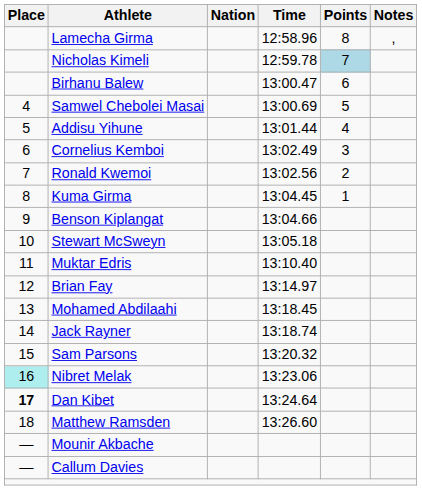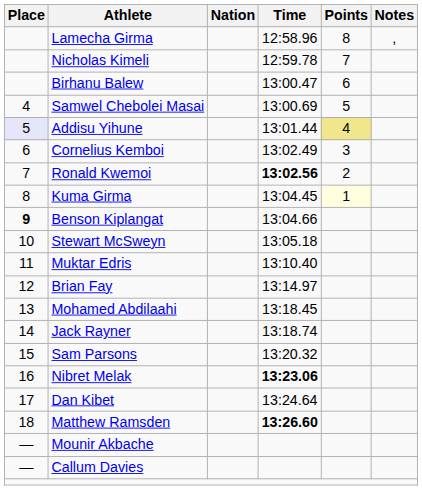 <table class="wikitable mw-datatable sortable" style="text-align:center;">
 <tr>
 <th scope="col">Place</th>
 <th scope="col">Athlete</th>
 <th scope="col">Nation</th>
 <th scope="col">Time</th>
 <th scope="col">Points</th>
 <th scope="col">Notes</th>
 </tr>
 <tr>
 <td></td>
 <td align="left"><a href='#'>Lamecha Girma</a></td>
 <td align="left"></td>
 <td>12:58.96</td>
 <td>8</td>
 <td>, </td>
 </tr>
 <tr>
 <td></td>
 <td align="left"><a href='#'>Nicholas Kimeli</a></td>
 <td align="left"></td>
 <td>12:59.78</td>
-<td style="background: lightblue;">7</td>
+<td>7</td>
 <td></td>
 </tr>
 <tr>
 <td></td>
 <td align="left"><a href='#'>Birhanu Balew</a></td>
 <td align="left"></td>
 <td>13:00.47</td>
 <td>6</td>
 <td></td>
 </tr>
 <tr>
 <td>4</td>
 <td align="left"><a href='#'>Samwel Chebolei Masai</a></td>
 <td align="left"></td>
 <td>13:00.69</td>
 <td>5</td>
 <td></td>
 </tr>
 <tr>
-<td>5</td>
+<td style="background: lavender;">5</td>
 <td align="left"><a href='#'>Addisu Yihune</a></td>
 <td align="left"></td>
 <td>13:01.44</td>
-<td>4</td>
+<td style="background: khaki;">4</td>
 <td></td>
 </tr>
 <tr>
 <td>6</td>
 <td align="left"><a href='#'>Cornelius Kemboi</a></td>
 <td align="left"></td>
 <td>13:02.49</td>
 <td>3</td>
 <td></td>
 </tr>
 <tr>
 <td>7</td>
 <td align="left"><a href='#'>Ronald Kwemoi</a></td>
 <td align="left"></td>
-<td>13:02.56</td>
+<td><strong>13:02.56</strong></td>
 <td>2</td>
 <td></td>
 </tr>
 <tr>
 <td>8</td>
 <td align="left"><a href='#'>Kuma Girma</a></td>
 <td align="left"></td>
 <td>13:04.45</td>
-<td>1</td>
+<td style="background: lightyellow;">1</td>
 <td></td>
 </tr>
 <tr>
-<td>9</td>
+<td><strong>9</strong></td>
 <td align="left"><a href='#'>Benson Kiplangat</a></td>
 <td align="left"></td>
 <td>13:04.66</td>
 <td></td>
 <td></td>
 </tr>
 <tr>
 <td>10</td>
 <td align="left"><a href='#'>Stewart McSweyn</a></td>
 <td align="left"></td>
 <td>13:05.18</td>
 <td></td>
 <td></td>
 </tr>
 <tr>
 <td>11</td>
 <td align="left"><a href='#'>Muktar Edris</a></td>
 <td align="left"></td>
 <td>13:10.40</td>
 <td></td>
 <td></td>
 </tr>
 <tr>
 <td>12</td>
 <td align="left"><a href='#'>Brian Fay</a></td>
 <td align="left"></td>
 <td>13:14.97</td>
 <td></td>
 <td></td>
 </tr>
 <tr>
 <td>13</td>
 <td align="left"><a href='#'>Mohamed Abdilaahi</a></td>
 <td align="left"></td>
 <td>13:18.45</td>
 <td></td>
 <td></td>
 </tr>
 <tr>
 <td>14</td>
 <td align="left"><a href='#'>Jack Rayner</a></td>
 <td align="left"></td>
 <td>13:18.74</td>
 <td></td>
 <td></td>
 </tr>
 <tr>
 <td>15</td>
 <td align="left"><a href='#'>Sam Parsons</a></td>
 <td align="left"></td>
 <td>13:20.32</td>
 <td></td>
 <td></td>
 </tr>
 <tr>
-<td style="background: paleturquoise;">16</td>
+<td>16</td>
 <td align="left"><a href='#'>Nibret Melak</a></td>
 <td align="left"></td>
-<td>13:23.06</td>
+<td><strong>13:23.06</strong></td>
 <td></td>
 <td></td>
 </tr>
 <tr>
-<td><strong>17</strong></td>
+<td>17</td>
 <td align="left"><a href='#'>Dan Kibet</a></td>
 <td align="left"></td>
 <td>13:24.64</td>
 <td></td>
 <td></td>
 </tr>
 <tr>
 <td>18</td>
 <td align="left"><a href='#'>Matthew Ramsden</a></td>
 <td align="left"></td>
-<td>13:26.60</td>
+<td><strong>13:26.60</strong></td>
 <td></td>
 <td></td>
 </tr>
 <tr>
 <td>—</td>
 <td align="left"><a href='#'>Mounir Akbache</a></td>
 <td align="left"></td>
 <td></td>
 <td></td>
 <td></td>
 </tr>
 <tr>
 <td>—</td>
 <td align="left"><a href='#'>Callum Davies</a></td>
 <td align="left"></td>
 <td></td>
 <td></td>
 <td></td>
 </tr>
 <tr class="sortbottom">
 <td colspan="6"></td>
 </tr>
 </table>
